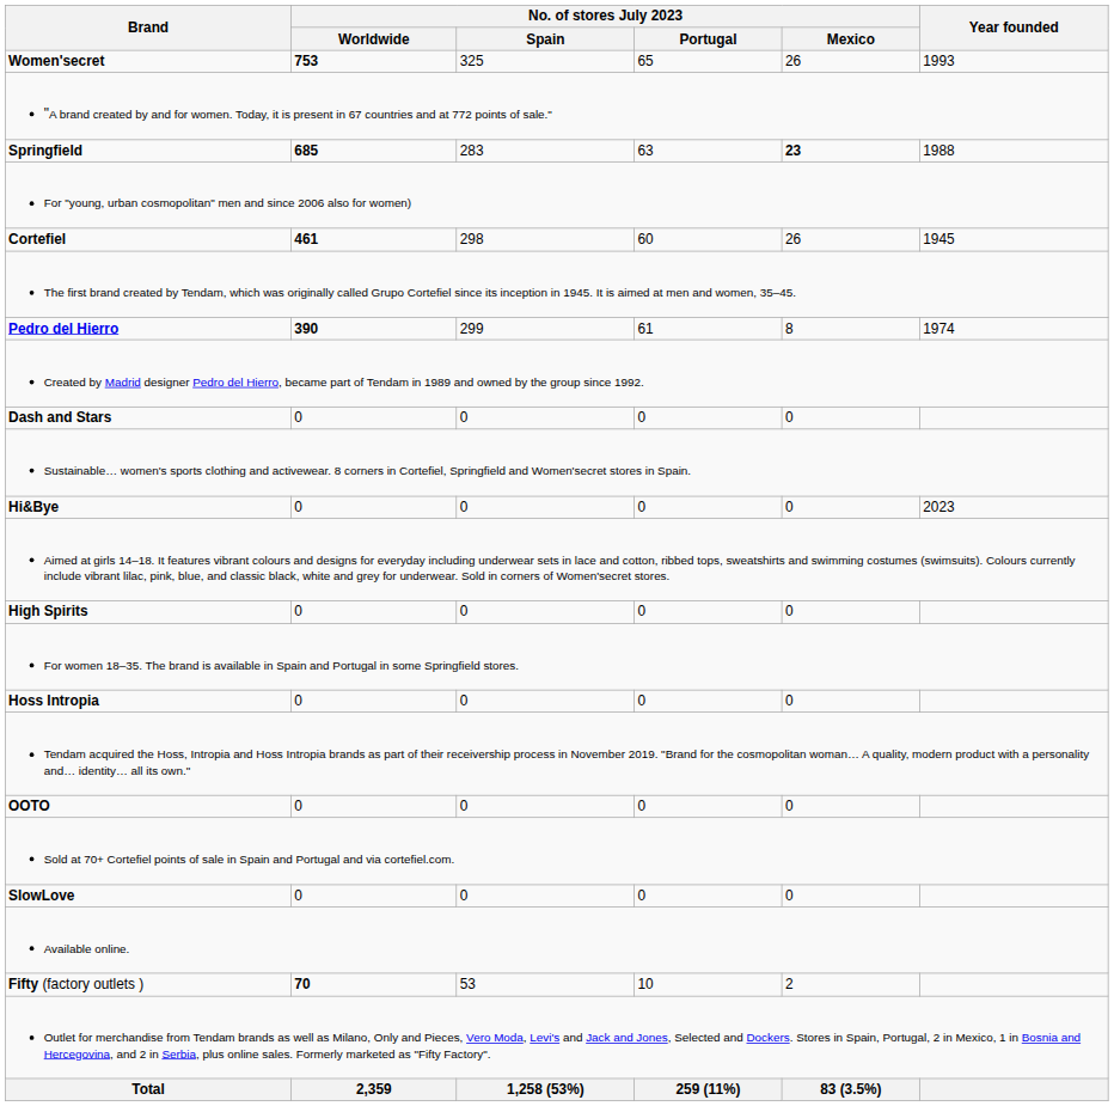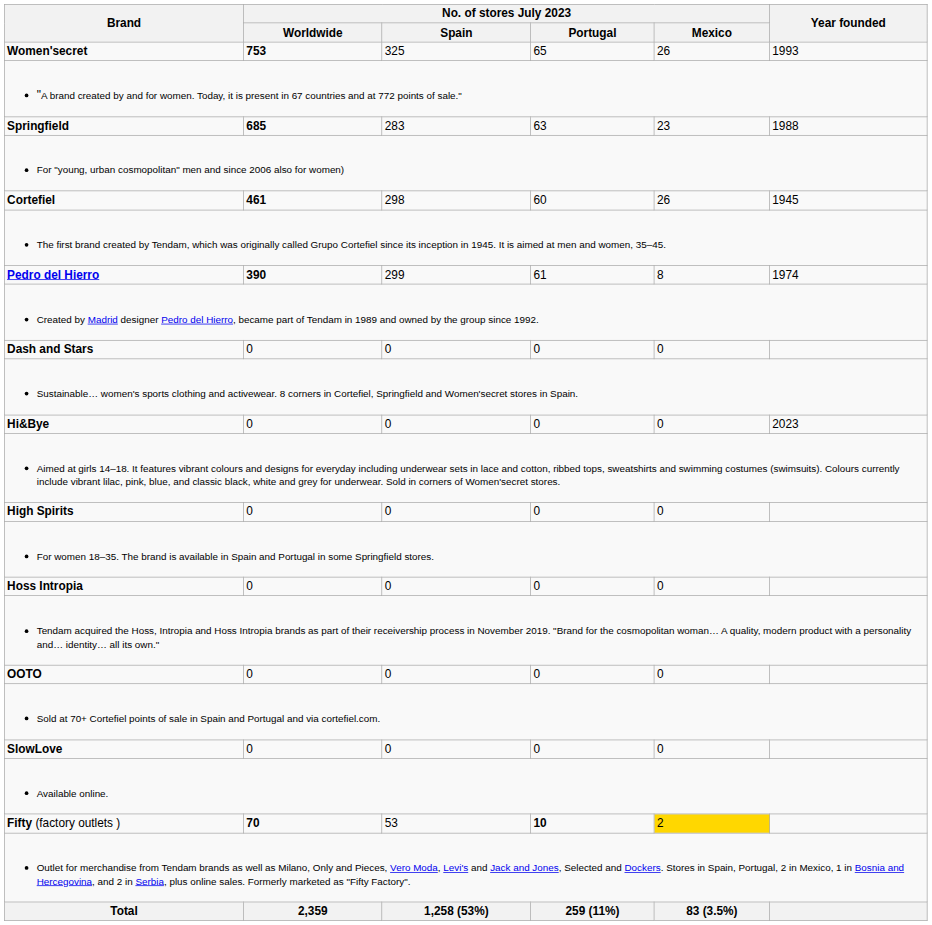 <table class="wikitable sortable">
 <tr>
 <th rowspan= 2>Brand</th>
 <th colspan= 4>No. of stores July 2023</th>
 <th rowspan = 2>Year founded</th>
 </tr>
 <tr>
 <th>Worldwide</th>
 <th>Spain</th>
 <th>Portugal</th>
 <th>Mexico</th>
 </tr>
 <tr>
 <td><strong>Women'secret</strong></td>
 <td><strong>753</strong></td>
 <td>325</td>
 <td>65</td>
 <td>26</td>
 <td>1993</td>
 </tr>
 <tr class="expand-child">
 <td colspan="6"><br><ul><li>"<small>A brand created by and for women. Today, it is present in 67 countries and at 772 points of sale."</small></li></ul></td>
 </tr>
 <tr>
 <td><strong>Springfield</strong></td>
 <td><strong>685</strong></td>
 <td>283</td>
 <td>63</td>
-<td><strong>23</strong></td>
+<td>23</td>
 <td>1988</td>
 </tr>
 <tr class="expand-child">
 <td colspan="6"><br><ul><li><small>For "young, urban cosmopolitan" men and since 2006 also for women)</small></li></ul></td>
 </tr>
 <tr>
 <td><strong>Cortefiel</strong></td>
 <td><strong>461</strong></td>
 <td>298</td>
 <td>60</td>
 <td>26</td>
 <td>1945</td>
 </tr>
 <tr class="expand-child">
 <td colspan="6"><br><ul><li><small>The first brand created by Tendam, which was originally called Grupo Cortefiel since its inception in 1945. It is aimed at men and women, 35–45.</small></li></ul></td>
 </tr>
 <tr>
 <td><strong><a href='#'>Pedro del Hierro</a></strong></td>
 <td><strong>390</strong></td>
 <td>299</td>
 <td>61</td>
 <td>8</td>
 <td>1974</td>
 </tr>
 <tr class="expand-child">
 <td colspan="6"><br><ul><li><small>Created by <a href='#'>Madrid</a> designer <a href='#'>Pedro del Hierro</a>, became part of Tendam in 1989 and owned by the group since 1992.</small></li></ul></td>
 </tr>
 <tr>
 <td><strong>Dash and Stars</strong></td>
 <td>0</td>
 <td>0</td>
 <td>0</td>
 <td>0</td>
 <td></td>
 </tr>
 <tr class="expand-child">
 <td colspan="6"><br><ul><li><small>Sustainable… women's sports clothing and activewear. 8 corners in Cortefiel, Springfield and Women'secret stores in Spain.</small></li></ul></td>
 </tr>
 <tr>
 <td><strong>Hi&Bye</strong></td>
 <td>0</td>
 <td>0</td>
 <td>0</td>
 <td>0</td>
 <td>2023</td>
 </tr>
 <tr class="expand-child">
 <td colspan="6"><br><ul><li><small>Aimed at girls 14–18. It features vibrant colours and designs for everyday including underwear sets in lace and cotton, ribbed tops, sweatshirts and swimming costumes (swimsuits). Colours currently include vibrant lilac, pink, blue, and classic black, white and grey for underwear. Sold in corners of Women'secret stores.</small></li></ul></td>
 </tr>
 <tr>
 <td><strong>High Spirits</strong></td>
 <td>0</td>
 <td>0</td>
 <td>0</td>
 <td>0</td>
 <td></td>
 </tr>
 <tr class="expand-child">
 <td colspan="6"><br><ul><li><small>For women 18–35. The brand is available in Spain and Portugal in some Springfield stores.</small></li></ul></td>
 </tr>
 <tr>
 <td><strong>Hoss Intropia</strong></td>
 <td>0</td>
 <td>0</td>
 <td>0</td>
 <td>0</td>
 <td></td>
 </tr>
 <tr class="expand-child">
 <td colspan="6"><br><ul><li><small>Tendam acquired the Hoss, Intropia and Hoss Intropia brands as part of their receivership process in November 2019. "Brand for the cosmopolitan woman… A quality, modern product with a personality and… identity… all its own."</small></li></ul></td>
 </tr>
 <tr>
 <td><strong>OOTO</strong></td>
 <td>0</td>
 <td>0</td>
 <td>0</td>
 <td>0</td>
 <td></td>
 </tr>
 <tr class="expand-child">
 <td colspan="6"><br><ul><li><small>Sold at 70+ Cortefiel points of sale in Spain and Portugal and via cortefiel.com.</small></li></ul></td>
 </tr>
 <tr>
 <td><strong>SlowLove</strong></td>
 <td>0</td>
 <td>0</td>
 <td>0</td>
 <td>0</td>
 <td></td>
 </tr>
 <tr class="expand-child">
 <td colspan="6"><br><ul><li><small>Available online.</small></li></ul></td>
 </tr>
 <tr>
 <td><strong>Fifty</strong> (factory outlets )</td>
 <td><strong>70</strong></td>
 <td>53</td>
-<td>10</td>
-<td>2</td>
+<td><strong>10</strong></td>
+<td style="background: gold;">2</td>
 <td></td>
 </tr>
 <tr class="expand-child">
 <td colspan="6"><br><ul><li><small>Outlet for merchandise from Tendam brands as well as Milano, Only and Pieces, <a href='#'>Vero Moda</a>, <a href='#'>Levi's</a> and <a href='#'>Jack and Jones</a>, Selected and <a href='#'>Dockers</a>. Stores in Spain, Portugal,  2 in Mexico, 1 in <a href='#'>Bosnia and Hercegovina</a>, and 2 in <a href='#'>Serbia</a>, plus online sales. Formerly marketed as "Fifty Factory".</small></li></ul></td>
 </tr>
 <tr>
 <th>Total</th>
 <th>2,359</th>
 <th>1,258 (53%)</th>
 <th>259 (11%)</th>
 <th>83 (3.5%)</th>
 <th></th>
 </tr>
 </table>
